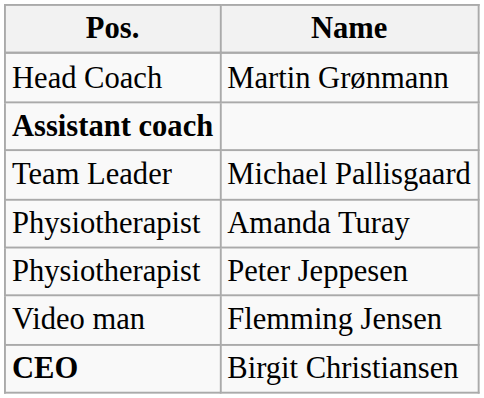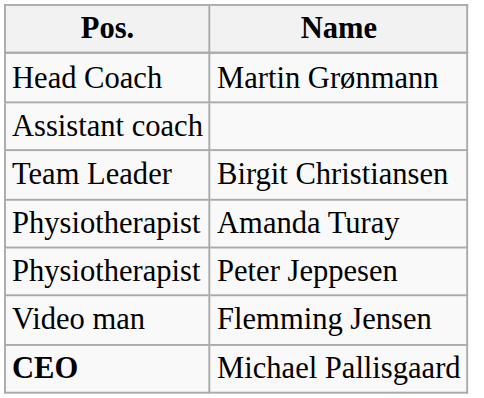 <table class="wikitable" style="text-align: left;">
 <tr>
 <th valign=center>Pos.</th>
 <th>Name</th>
 </tr>
 <tr>
 </tr>
 <tr>
 <td>Head Coach</td>
 <td> Martin Grønmann</td>
 </tr>
 <tr>
-<td><strong>Assistant coach</strong></td>
+<td>Assistant coach</td>
 <td></td>
 </tr>
 <tr>
 <td>Team Leader</td>
-<td> Michael Pallisgaard</td>
+<td> Birgit Christiansen</td>
 </tr>
 <tr>
 <td>Physiotherapist</td>
 <td> Amanda Turay</td>
 </tr>
 <tr>
 <td>Physiotherapist</td>
 <td> Peter Jeppesen</td>
 </tr>
 <tr>
 <td>Video man</td>
 <td> Flemming Jensen</td>
 </tr>
 <tr>
 <td><strong>CEO</strong></td>
-<td> Birgit Christiansen</td>
+<td> Michael Pallisgaard</td>
 </tr>
 </table>
